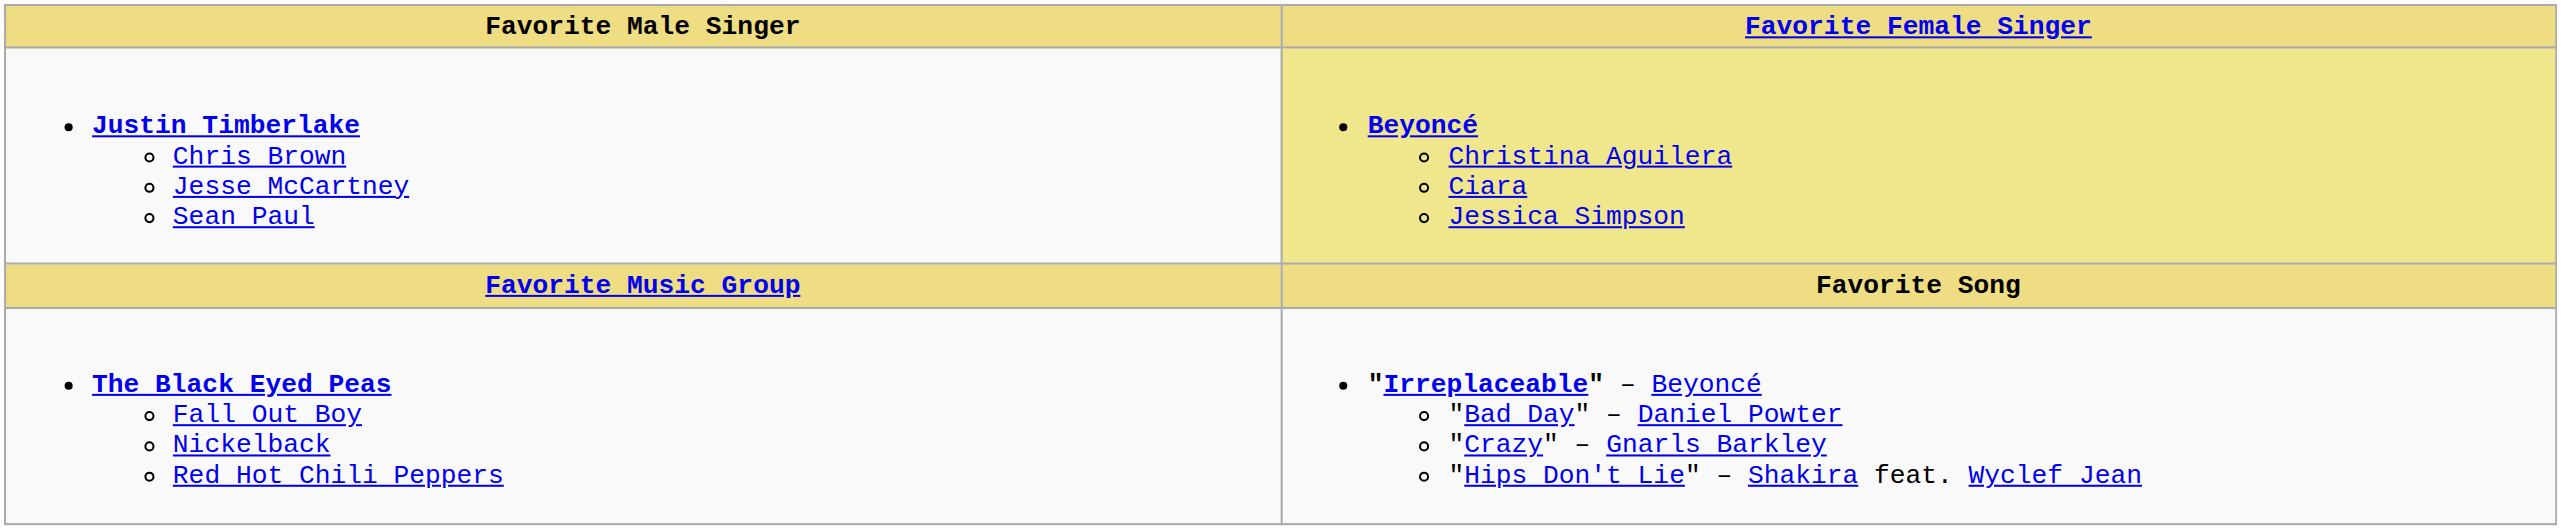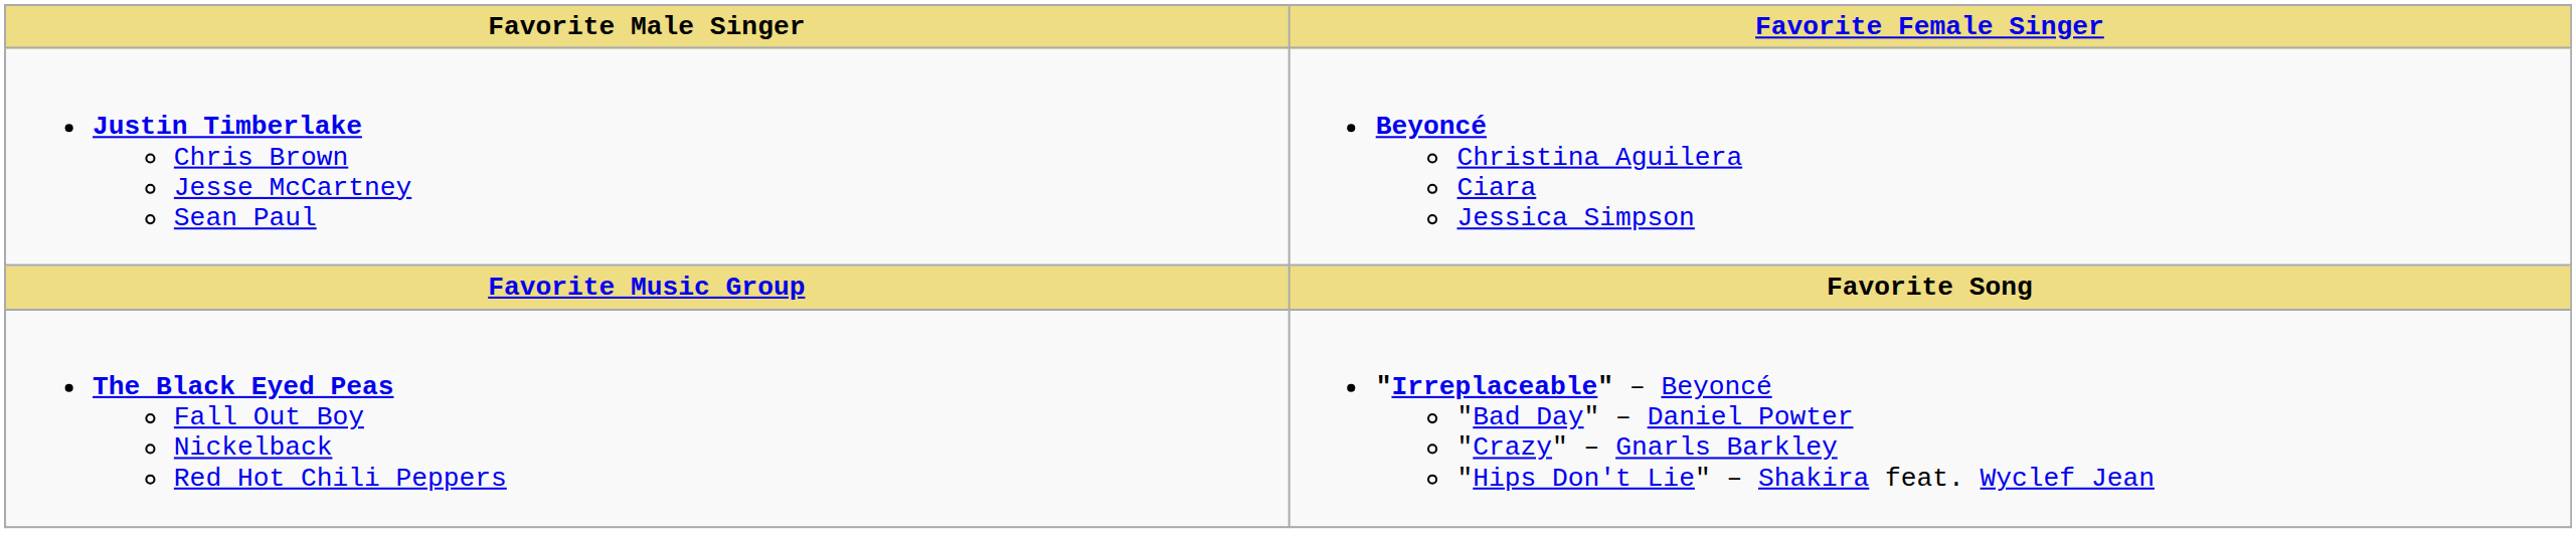 <table class="wikitable" style="width:100%">
 <tr>
 <th style="background:#EEDD82; width:50%">Favorite Male Singer</th>
 <th style="background:#EEDD82; width:50%"><a href='#'>Favorite Female Singer</a></th>
 </tr>
 <tr>
 <td valign="top"><br><ul><li><strong><a href='#'>Justin Timberlake</a></strong><ul><li><a href='#'>Chris Brown</a></li><li><a href='#'>Jesse McCartney</a></li><li><a href='#'>Sean Paul</a></li></ul></li></ul></td>
-<td valign="top" style="background: khaki;"><br><ul><li><strong><a href='#'>Beyoncé</a></strong><ul><li><a href='#'>Christina Aguilera</a></li><li><a href='#'>Ciara</a></li><li><a href='#'>Jessica Simpson</a></li></ul></li></ul></td>
+<td valign="top"><br><ul><li><strong><a href='#'>Beyoncé</a></strong><ul><li><a href='#'>Christina Aguilera</a></li><li><a href='#'>Ciara</a></li><li><a href='#'>Jessica Simpson</a></li></ul></li></ul></td>
 </tr>
 <tr>
 <th style="background:#EEDD82; width:50%"><a href='#'>Favorite Music Group</a></th>
 <th style="background:#EEDD82; width:50%">Favorite Song</th>
 </tr>
 <tr>
 <td valign="top"><br><ul><li><strong><a href='#'>The Black Eyed Peas</a></strong><ul><li><a href='#'>Fall Out Boy</a></li><li><a href='#'>Nickelback</a></li><li><a href='#'>Red Hot Chili Peppers</a></li></ul></li></ul></td>
 <td valign="top"><br><ul><li><strong>"<a href='#'>Irreplaceable</a>"</strong> – <a href='#'>Beyoncé</a><ul><li>"<a href='#'>Bad Day</a>" – <a href='#'>Daniel Powter</a></li><li>"<a href='#'>Crazy</a>" – <a href='#'>Gnarls Barkley</a></li><li>"<a href='#'>Hips Don't Lie</a>" – <a href='#'>Shakira</a> feat. <a href='#'>Wyclef Jean</a></li></ul></li></ul></td>
 </tr>
 </table>
